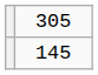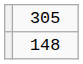 <table class="wikitable">
 <tr>
 <th></th>
 <td style="padding-left: 1em; padding-right: 1em">305</td>
 </tr>
 <tr>
 <th></th>
-<td style="padding-left: 1em; padding-right: 1em">145</td>
+<td style="padding-left: 1em; padding-right: 1em">148</td>
 </tr>
 </table>
